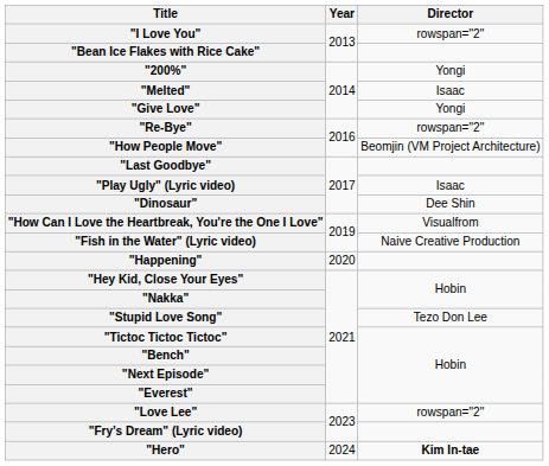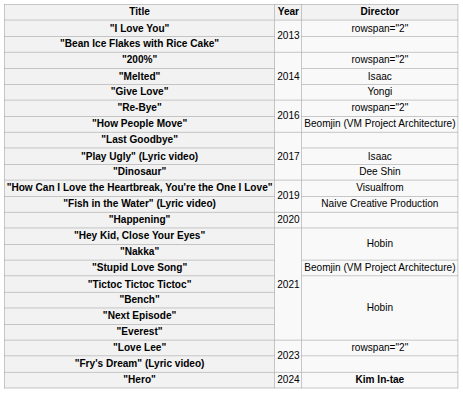 <table class="wikitable plainrowheaders" style="text-align:center">
 <tr>
 <th scope="col">Title</th>
 <th scope="col">Year</th>
 <th scope="col">Director</th>
 </tr>
 <tr>
 <th scope="row">"I Love You"</th>
 <td rowspan="2">2013</td>
 <td>rowspan="2" </td>
 </tr>
 <tr>
 <th scope="row">"Bean Ice Flakes with Rice Cake"</th>
 </tr>
 <tr>
 <th scope="row">"200%"</th>
 <td rowspan="3">2014</td>
-<td>Yongi</td>
+<td>rowspan="2" </td>
 </tr>
 <tr>
 <th scope="row">"Melted"</th>
 <td>Isaac</td>
 </tr>
 <tr>
 <th scope="row">"Give Love"</th>
 <td>Yongi</td>
 </tr>
 <tr>
 <th scope="row">"Re-Bye"</th>
 <td rowspan="2">2016</td>
 <td>rowspan="2" </td>
 </tr>
 <tr>
 <th scope="row">"How People Move"</th>
 <td>Beomjin (VM Project Architecture)</td>
 </tr>
 <tr>
 <th scope="row">"Last Goodbye"</th>
 <td rowspan="3">2017</td>
 <td></td>
 </tr>
 <tr>
 <th scope="row">"Play Ugly" (Lyric video)</th>
 <td>Isaac</td>
 </tr>
 <tr>
 <th scope="row">"Dinosaur"</th>
 <td>Dee Shin</td>
 </tr>
 <tr>
 <th scope="row">"How Can I Love the Heartbreak, You're the One I Love"</th>
 <td rowspan="2">2019</td>
 <td>Visualfrom</td>
 </tr>
 <tr>
 <th scope="row">"Fish in the Water" (Lyric video)</th>
 <td>Naive Creative Production</td>
 </tr>
 <tr>
 <th scope="row">"Happening"</th>
 <td>2020</td>
 </tr>
 <tr>
 <th scope="row">"Hey Kid, Close Your Eyes"</th>
 <td rowspan="7">2021</td>
 <td rowspan="2">Hobin</td>
 </tr>
 <tr>
 <th scope="row">"Nakka"</th>
 </tr>
 <tr>
 <th scope="row">"Stupid Love Song"</th>
-<td>Tezo Don Lee</td>
+<td>Beomjin (VM Project Architecture)</td>
 </tr>
 <tr>
 <th scope="row">"Tictoc Tictoc Tictoc"</th>
 <td rowspan="4">Hobin</td>
 </tr>
 <tr>
 <th scope="row">"Bench"</th>
 </tr>
 <tr>
 <th scope="row">"Next Episode"</th>
 </tr>
 <tr>
 <th scope="row">"Everest"</th>
 </tr>
 <tr>
 <th scope="row">"Love Lee"</th>
 <td rowspan="2">2023</td>
 <td>rowspan="2" </td>
 </tr>
 <tr>
 <th scope="row">"Fry's Dream" (Lyric video)</th>
 <td></td>
 </tr>
 <tr>
 <th scope="row">"Hero"</th>
 <td rowspan="2">2024</td>
 <td><strong>Kim In-tae</strong></td>
 </tr>
 </table>
